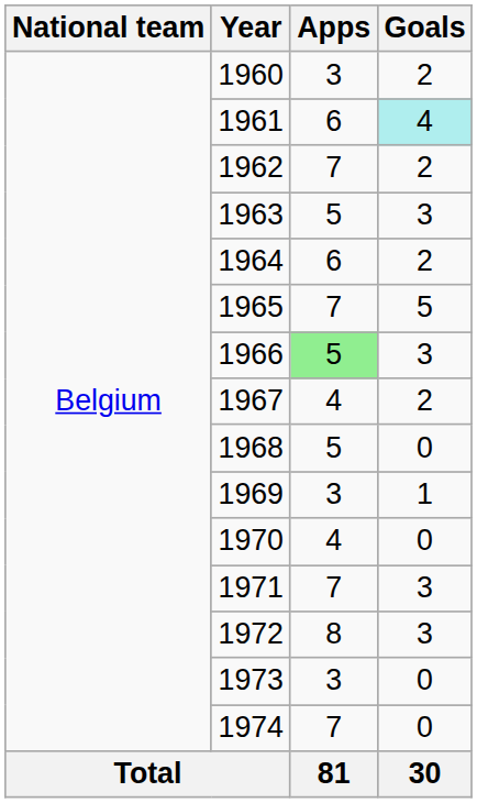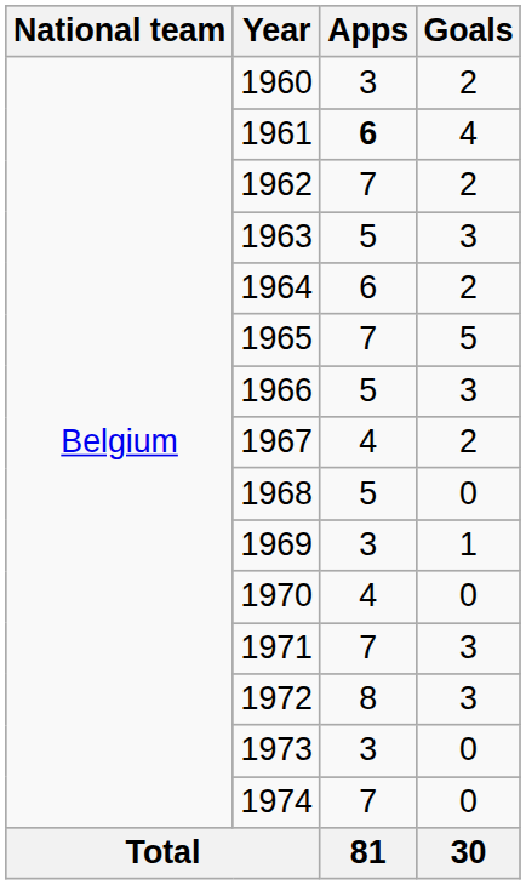 <table class="wikitable" style="text-align:center">
 <tr>
 <th>National team</th>
 <th>Year</th>
 <th>Apps</th>
 <th>Goals</th>
 </tr>
 <tr>
 <td rowspan="15"><a href='#'>Belgium</a></td>
 <td>1960</td>
 <td>3</td>
 <td>2</td>
 </tr>
 <tr>
 <td>1961</td>
-<td>6</td>
-<td style="background: paleturquoise;">4</td>
+<td><strong>6</strong></td>
+<td>4</td>
 </tr>
 <tr>
 <td>1962</td>
 <td>7</td>
 <td>2</td>
 </tr>
 <tr>
 <td>1963</td>
 <td>5</td>
 <td>3</td>
 </tr>
 <tr>
 <td>1964</td>
 <td>6</td>
 <td>2</td>
 </tr>
 <tr>
 <td>1965</td>
 <td>7</td>
 <td>5</td>
 </tr>
 <tr>
 <td>1966</td>
-<td style="background: lightgreen;">5</td>
+<td>5</td>
 <td>3</td>
 </tr>
 <tr>
 <td>1967</td>
 <td>4</td>
 <td>2</td>
 </tr>
 <tr>
 <td>1968</td>
 <td>5</td>
 <td>0</td>
 </tr>
 <tr>
 <td>1969</td>
 <td>3</td>
 <td>1</td>
 </tr>
 <tr>
 <td>1970</td>
 <td>4</td>
 <td>0</td>
 </tr>
 <tr>
 <td>1971</td>
 <td>7</td>
 <td>3</td>
 </tr>
 <tr>
 <td>1972</td>
 <td>8</td>
 <td>3</td>
 </tr>
 <tr>
 <td>1973</td>
 <td>3</td>
 <td>0</td>
 </tr>
 <tr>
 <td>1974</td>
 <td>7</td>
 <td>0</td>
 </tr>
 <tr>
 <th colspan="2">Total</th>
 <th>81</th>
 <th>30</th>
 </tr>
 </table>
